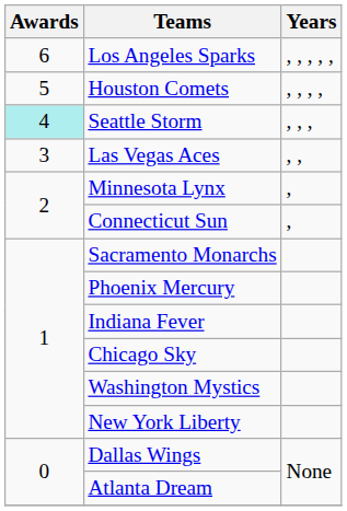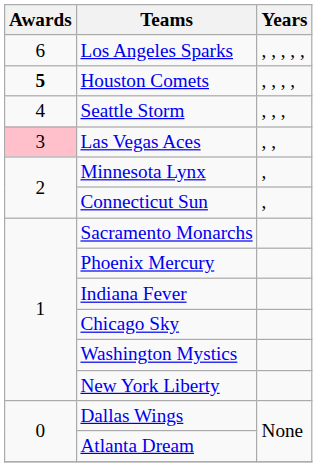 <table class="wikitable sortable">
 <tr>
 <th>Awards</th>
 <th>Teams</th>
 <th>Years</th>
 </tr>
 <tr>
 <td align=center>6</td>
 <td><a href='#'>Los Angeles Sparks</a></td>
 <td>, , , , , </td>
 </tr>
 <tr>
-<td align=center>5</td>
+<td align=center><strong>5</strong></td>
 <td><a href='#'>Houston Comets</a></td>
 <td>, , , , </td>
 </tr>
 <tr>
-<td align=center style="background: paleturquoise;">4</td>
+<td align=center>4</td>
 <td><a href='#'>Seattle Storm</a></td>
 <td>, , , </td>
 </tr>
 <tr>
-<td align=center>3</td>
+<td align=center style="background: pink;">3</td>
 <td><a href='#'>Las Vegas Aces</a></td>
 <td>, , </td>
 </tr>
 <tr>
 <td align=center rowspan=2>2</td>
 <td><a href='#'>Minnesota Lynx</a></td>
 <td>, </td>
 </tr>
 <tr>
 <td><a href='#'>Connecticut Sun</a></td>
 <td>, </td>
 </tr>
 <tr>
 <td align=center rowspan=6>1</td>
 <td><a href='#'>Sacramento Monarchs</a></td>
 <td></td>
 </tr>
 <tr>
 <td><a href='#'>Phoenix Mercury</a></td>
 <td></td>
 </tr>
 <tr>
 <td><a href='#'>Indiana Fever</a></td>
 <td></td>
 </tr>
 <tr>
 <td><a href='#'>Chicago Sky</a></td>
 <td></td>
 </tr>
 <tr>
 <td><a href='#'>Washington Mystics</a></td>
 <td></td>
 </tr>
 <tr>
 <td><a href='#'>New York Liberty</a></td>
 <td></td>
 </tr>
 <tr>
 <td align=center rowspan=2>0</td>
 <td><a href='#'>Dallas Wings</a></td>
 <td rowspan=2>None</td>
 </tr>
 <tr>
 <td><a href='#'>Atlanta Dream</a></td>
 </tr>
 <tr>
 </tr>
 </table>
